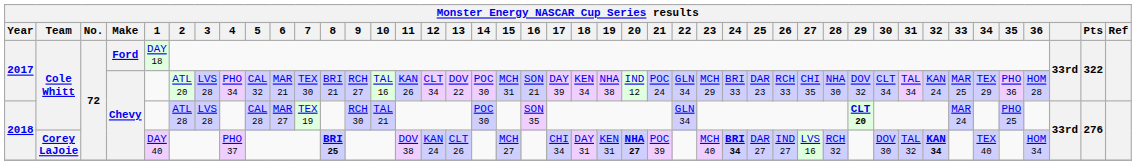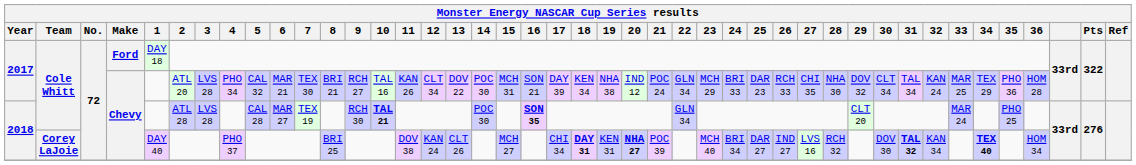 <table class="wikitable" style="text-align:center; font-size:75%">
 <tr>
 <th colspan=45><a href='#'>Monster Energy NASCAR Cup Series</a> results</th>
 </tr>
 <tr>
 <th>Year</th>
 <th>Team</th>
 <th>No.</th>
 <th>Make</th>
 <th>1</th>
 <th>2</th>
 <th>3</th>
 <th>4</th>
 <th>5</th>
 <th>6</th>
 <th>7</th>
 <th>8</th>
 <th>9</th>
 <th>10</th>
 <th>11</th>
 <th>12</th>
 <th>13</th>
 <th>14</th>
 <th>15</th>
 <th>16</th>
 <th>17</th>
 <th>18</th>
 <th>19</th>
 <th>20</th>
 <th>21</th>
 <th>22</th>
 <th>23</th>
 <th>24</th>
 <th>25</th>
 <th>26</th>
 <th>27</th>
 <th>28</th>
 <th>29</th>
 <th>30</th>
 <th>31</th>
 <th>32</th>
 <th>33</th>
 <th>34</th>
 <th>35</th>
 <th>36</th>
 <th></th>
 <th>Pts</th>
 <th>Ref</th>
 </tr>
 <tr>
 <th rowspan=2><a href='#'>2017</a></th>
 <th rowspan=3><a href='#'>Cole Whitt</a></th>
 <th rowspan=4>72</th>
 <th><a href='#'>Ford</a></th>
 <td style="background:#DFFFDF;"><a href='#'>DAY</a><br><small>18</small></td>
 <td colspan=35></td>
 <th rowspan=2>33rd</th>
 <th rowspan=2>322</th>
 <th rowspan=2></th>
 </tr>
 <tr>
 <th rowspan=3><a href='#'>Chevy</a></th>
 <td></td>
 <td style="background:#DFFFDF;"><a href='#'>ATL</a><br><small>20</small></td>
 <td style="background:#CFCFFF;"><a href='#'>LVS</a><br><small>28</small></td>
 <td style="background:#EFCFFF;"><a href='#'>PHO</a><br><small>34</small></td>
 <td style="background:#CFCFFF;"><a href='#'>CAL</a><br><small>32</small></td>
 <td style="background:#CFCFFF;"><a href='#'>MAR</a><br><small>21</small></td>
 <td style="background:#CFCFFF;"><a href='#'>TEX</a><br><small>30</small></td>
 <td style="background:#CFCFFF;"><a href='#'>BRI</a><br><small>21</small></td>
 <td style="background:#CFCFFF;"><a href='#'>RCH</a><br><small>27</small></td>
 <td style="background:#DFFFDF;"><a href='#'>TAL</a><br><small>16</small></td>
 <td style="background:#CFCFFF;"><a href='#'>KAN</a><br><small>26</small></td>
 <td style="background:#EFCFFF;"><a href='#'>CLT</a><br><small>34</small></td>
 <td style="background:#EFCFFF;"><a href='#'>DOV</a><br><small>22</small></td>
 <td style="background:#EFCFFF;"><a href='#'>POC</a><br><small>30</small></td>
 <td style="background:#CFCFFF;"><a href='#'>MCH</a><br><small>31</small></td>
 <td style="background:#CFCFFF;"><a href='#'>SON</a><br><small>21</small></td>
 <td style="background:#EFCFFF;"><a href='#'>DAY</a><br><small>39</small></td>
 <td style="background:#EFCFFF;"><a href='#'>KEN</a><br><small>34</small></td>
 <td style="background:#EFCFFF;"><a href='#'>NHA</a><br><small>38</small></td>
 <td style="background:#DFFFDF;"><a href='#'>IND</a><br><small>12</small></td>
 <td style="background:#CFCFFF;"><a href='#'>POC</a><br><small>24</small></td>
 <td style="background:#CFCFFF;"><a href='#'>GLN</a><br><small>34</small></td>
 <td style="background:#CFCFFF;"><a href='#'>MCH</a><br><small>29</small></td>
 <td style="background:#CFCFFF;"><a href='#'>BRI</a><br><small>33</small></td>
 <td style="background:#CFCFFF;"><a href='#'>DAR</a><br><small>23</small></td>
 <td style="background:#CFCFFF;"><a href='#'>RCH</a><br><small>33</small></td>
 <td style="background:#CFCFFF;"><a href='#'>CHI</a><br><small>35</small></td>
 <td style="background:#CFCFFF;"><a href='#'>NHA</a><br><small>30</small></td>
 <td style="background:#CFCFFF;"><a href='#'>DOV</a><br><small>32</small></td>
 <td style="background:#CFCFFF;"><a href='#'>CLT</a><br><small>34</small></td>
 <td style="background:#EFCFFF;"><a href='#'>TAL</a><br><small>34</small></td>
 <td style="background:#CFCFFF;"><a href='#'>KAN</a><br><small>24</small></td>
 <td style="background:#CFCFFF;"><a href='#'>MAR</a><br><small>25</small></td>
 <td style="background:#CFCFFF;"><a href='#'>TEX</a><br><small>29</small></td>
 <td style="background:#EFCFFF;"><a href='#'>PHO</a><br><small>36</small></td>
 <td style="background:#CFCFFF;"><a href='#'>HOM</a><br><small>28</small></td>
 </tr>
 <tr>
 <th rowspan=2><a href='#'>2018</a></th>
 <td></td>
 <td style="background:#CFCFFF;"><a href='#'>ATL</a><br><small>28</small></td>
 <td style="background:#CFCFFF;"><a href='#'>LVS</a><br><small>28</small></td>
 <td></td>
 <td style="background:#CFCFFF;"><a href='#'>CAL</a><br><small>28</small></td>
 <td style="background:#CFCFFF;"><a href='#'>MAR</a><br><small>27</small></td>
 <td style="background:#DFFFDF;"><a href='#'>TEX</a><br><small>19</small></td>
 <td></td>
 <td style="background:#CFCFFF;"><a href='#'>RCH</a><br><small>30</small></td>
-<td style="background:#CFCFFF;"><a href='#'>TAL</a><br><small>21</small></td>
+<td style="background:#CFCFFF;"><strong><a href='#'>TAL</a><br><small>21</small></strong></td>
 <td Colspan=3></td>
 <td style="background:#CFCFFF;"><a href='#'>POC</a><br><small>30</small></td>
 <td></td>
-<td style="background:#EFCFFF;"><a href='#'>SON</a><br><small>35</small></td>
+<td style="background:#EFCFFF;"><strong><a href='#'>SON</a><br><small>35</small></strong></td>
 <td Colspan=5></td>
 <td style="background:#CFCFFF;"><a href='#'>GLN</a><br><small>34</small></td>
 <td Colspan=6></td>
-<td style="background:#DFFFDF;"><strong><a href='#'>CLT</a><br><small>20</small></strong></td>
+<td style="background:#DFFFDF;"><a href='#'>CLT</a><br><small>20</small></td>
 <td Colspan=3></td>
 <td style="background:#CFCFFF;"><a href='#'>MAR</a><br><small>24</small></td>
 <td></td>
 <td style="background:#CFCFFF;"><a href='#'>PHO</a><br><small>25</small></td>
 <td></td>
 <th Rowspan=2>33rd</th>
 <th Rowspan=2>276</th>
 <th Rowspan=2></th>
 </tr>
 <tr>
 <th><a href='#'>Corey LaJoie</a></th>
 <td style="background:#EFCFFF;"><a href='#'>DAY</a><br><small>40</small></td>
 <td Colspan=2></td>
 <td style="background:#EFCFFF;"><a href='#'>PHO</a><br><small>37</small></td>
 <td Colspan=3></td>
-<td style="background:#CFCFFF;"><strong><a href='#'>BRI</a><br><small>25</small></strong></td>
+<td style="background:#CFCFFF;"><a href='#'>BRI</a><br><small>25</small></td>
 <td Colspan=2></td>
 <td style="background:#EFCFFF;"><a href='#'>DOV</a><br><small>38</small></td>
 <td style="background:#CFCFFF;"><a href='#'>KAN</a><br><small>24</small></td>
 <td style="background:#CFCFFF;"><a href='#'>CLT</a><br><small>26</small></td>
 <td></td>
 <td style="background:#CFCFFF;"><a href='#'>MCH</a><br><small>27</small></td>
 <td></td>
 <td style="background:#CFCFFF;"><a href='#'>CHI</a><br><small>34</small></td>
-<td style="background:#EFCFFF;"><a href='#'>DAY</a><br><small>31</small></td>
+<td style="background:#EFCFFF;"><strong><a href='#'>DAY</a><br><small>31</small></strong></td>
 <td style="background:#CFCFFF;"><a href='#'>KEN</a><br><small>31</small></td>
 <td style="background:#CFCFFF;"><strong><a href='#'>NHA</a><br><small>27</small></strong></td>
 <td style="background:#EFCFFF;"><a href='#'>POC</a><br><small>39</small></td>
 <td></td>
 <td style="background:#EFCFFF;"><a href='#'>MCH</a><br><small>40</small></td>
-<td style="background:#CFCFFF;"><strong><a href='#'>BRI</a><br><small>34</small></strong></td>
+<td style="background:#CFCFFF;"><a href='#'>BRI</a><br><small>34</small></td>
 <td style="background:#CFCFFF;"><a href='#'>DAR</a><br><small>27</small></td>
 <td style="background:#CFCFFF;"><a href='#'>IND</a><br><small>27</small></td>
 <td style="background:#DFFFDF;"><a href='#'>LVS</a><br><small>16</small></td>
 <td style="background:#CFCFFF;"><a href='#'>RCH</a><br><small>32</small></td>
 <td></td>
 <td style="background:#CFCFFF;"><a href='#'>DOV</a><br><small>30</small></td>
-<td style="background:#CFCFFF;"><a href='#'>TAL</a><br><small>32</small></td>
-<td style="background:#CFCFFF;"><strong><a href='#'>KAN</a><br><small>34</small></strong></td>
+<td style="background:#CFCFFF;"><strong><a href='#'>TAL</a><br><small>32</small></strong></td>
+<td style="background:#CFCFFF;"><a href='#'>KAN</a><br><small>34</small></td>
 <td></td>
-<td style="background:#CFCFFF;"><a href='#'>TEX</a><br><small>40</small></td>
+<td style="background:#CFCFFF;"><strong><a href='#'>TEX</a><br><small>40</small></strong></td>
 <td></td>
 <td style="background:#CFCFFF;"><a href='#'>HOM</a><br><small>34</small></td>
 </tr>
 <tr>
 </tr>
 </table>
